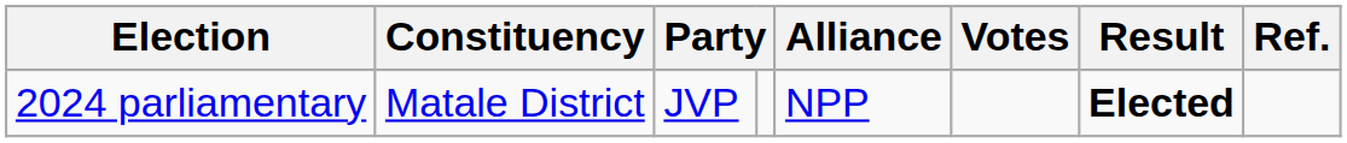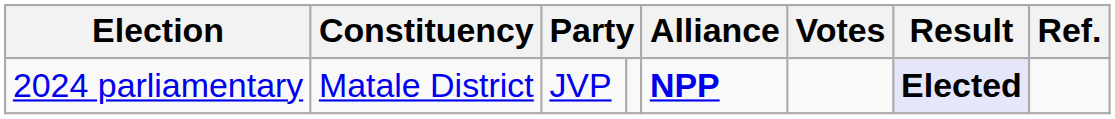 <table class="wikitable" style="text-align:left;">
 <tr>
 <th scope=col>Election</th>
 <th scope=col>Constituency</th>
 <th scope=col colspan="2">Party</th>
 <th scope=col>Alliance</th>
 <th scope=col>Votes</th>
 <th scope=col>Result</th>
 <th scope=col>Ref.</th>
 </tr>
 <tr>
 <td><a href='#'>2024 parliamentary</a></td>
 <td><a href='#'>Matale District</a></td>
 <td><a href='#'>JVP</a></td>
 <td rowspan="8" style="background:"></td>
-<td><a href='#'>NPP</a></td>
+<td><strong><a href='#'>NPP</a></strong></td>
 <td align=right></td>
-<td><strong>Elected</strong></td>
+<td style="background: lavender;"><strong>Elected</strong></td>
 <td></td>
 </tr>
 </table>
